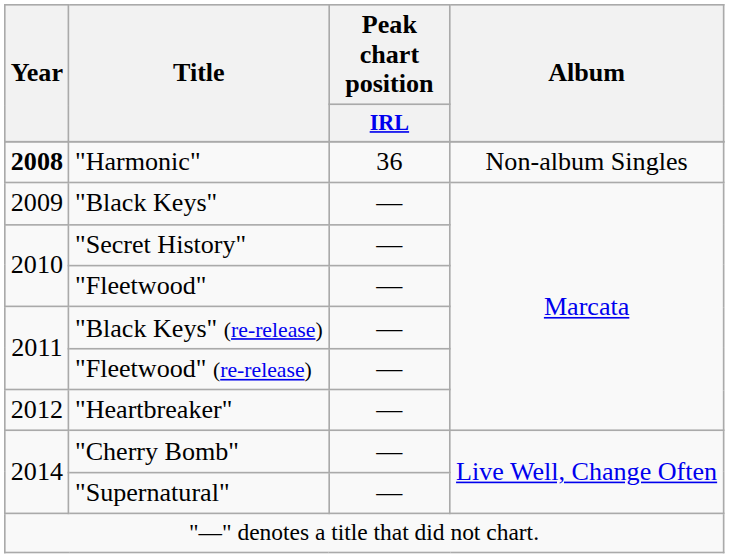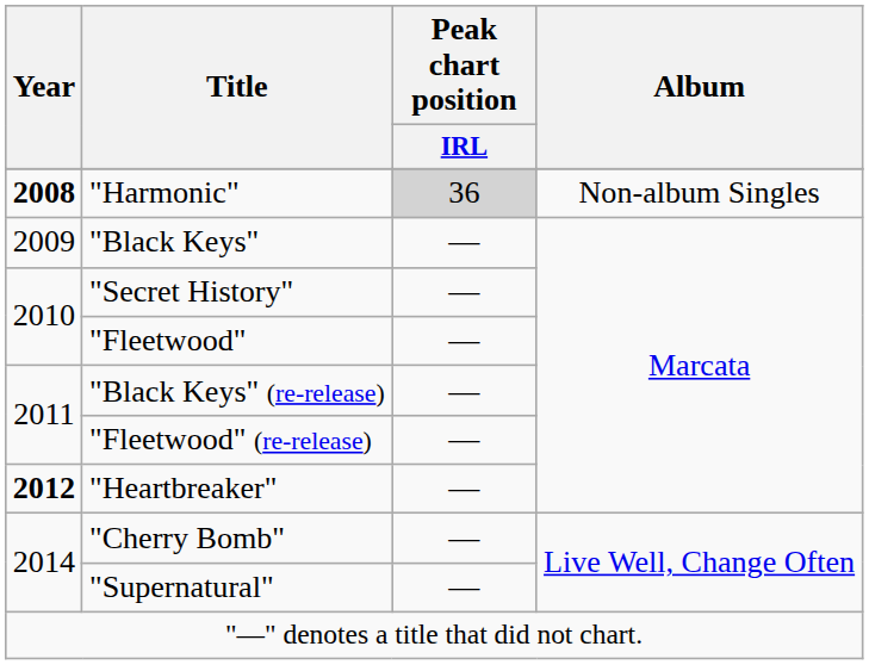 <table class="wikitable" style="text-align:center;">
 <tr>
 <th rowspan=2>Year</th>
 <th rowspan=2>Title</th>
 <th>Peak chart position</th>
 <th rowspan="2">Album</th>
 </tr>
 <tr>
 <th style="width:5em;font-size:85%"><a href='#'>IRL</a><br></th>
 </tr>
 <tr |>
 </tr>
 <tr>
 <td rowspan="1"><strong>2008</strong></td>
 <td style="text-align:left;">"Harmonic"</td>
-<td>36</td>
+<td style="background: lightgrey;">36</td>
 <td>Non-album Singles</td>
 </tr>
 <tr>
 <td rowspan="1">2009</td>
 <td style="text-align:left;">"Black Keys"</td>
 <td>—</td>
 <td rowspan="6"><a href='#'>Marcata</a></td>
 </tr>
 <tr>
 <td rowspan="2">2010</td>
 <td style="text-align:left;">"Secret History"</td>
 <td>—</td>
 </tr>
 <tr>
 <td style="text-align:left;">"Fleetwood"</td>
 <td>—</td>
 </tr>
 <tr>
 <td rowspan="2">2011</td>
 <td style="text-align:left;">"Black Keys" <small>(<a href='#'>re-release</a>)</small></td>
 <td>—</td>
 </tr>
 <tr>
 <td style="text-align:left;">"Fleetwood" <small>(<a href='#'>re-release</a>)</small></td>
 <td>—</td>
 </tr>
 <tr>
-<td>2012</td>
+<td><strong>2012</strong></td>
 <td style="text-align:left;">"Heartbreaker"</td>
 <td>—</td>
 </tr>
 <tr>
 <td rowspan="2">2014</td>
 <td style="text-align:left;">"Cherry Bomb"</td>
 <td>—</td>
 <td rowspan="2"><a href='#'>Live Well, Change Often</a></td>
 </tr>
 <tr>
 <td style="text-align:left;">"Supernatural"</td>
 <td>—</td>
 </tr>
 <tr>
 <td colspan="4" style="font-size:90%">"—" denotes a title that did not chart.</td>
 </tr>
 </table>
